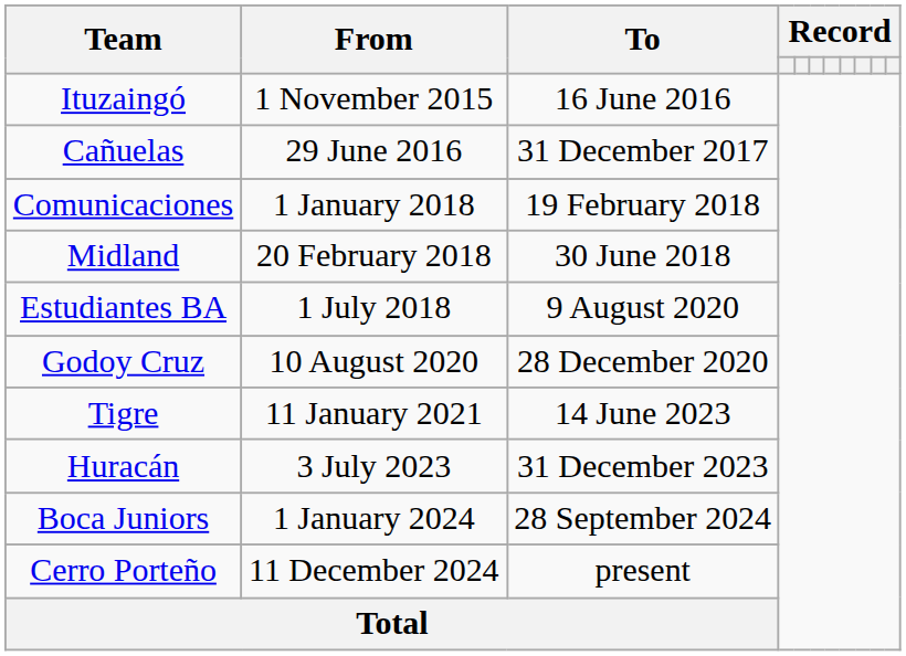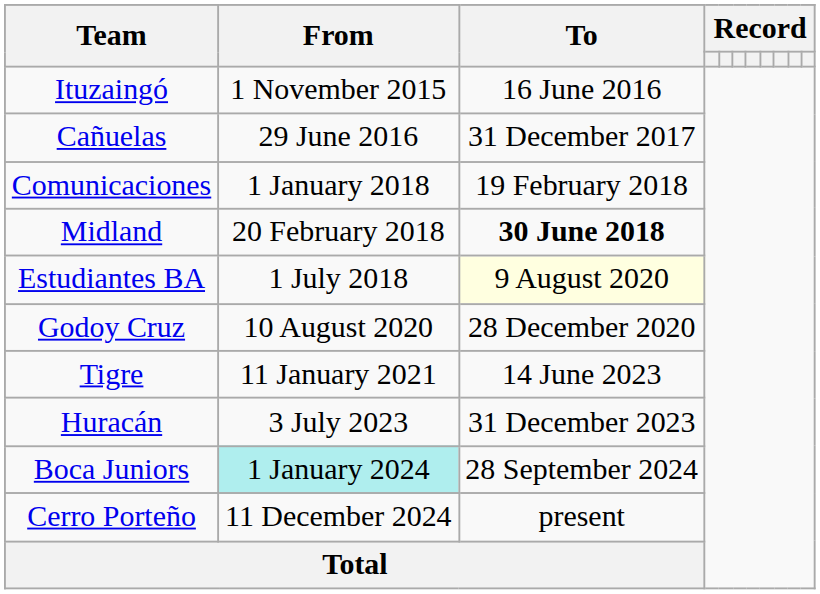 <table class="wikitable" tyle="text-align: center">
 <tr>
 <th rowspan="2">Team</th>
 <th rowspan="2">From</th>
 <th rowspan="2">To</th>
 <th colspan="8">Record</th>
 </tr>
 <tr>
 <th></th>
 <th></th>
 <th></th>
 <th></th>
 <th></th>
 <th></th>
 <th></th>
 <th></th>
 </tr>
 <tr>
 <td align=center><a href='#'>Ituzaingó</a></td>
 <td align=center>1 November 2015</td>
 <td align=center>16 June 2016<br></td>
 </tr>
 <tr>
 <td align=center><a href='#'>Cañuelas</a></td>
 <td align=center>29 June 2016</td>
 <td align=center>31 December 2017<br></td>
 </tr>
 <tr>
 <td align=center><a href='#'>Comunicaciones</a></td>
 <td align=center>1 January 2018</td>
 <td align=center>19 February 2018<br></td>
 </tr>
 <tr>
 <td align=center><a href='#'>Midland</a></td>
 <td align=center>20 February 2018</td>
-<td align=center>30 June 2018<br></td>
+<td align=center><strong>30 June 2018<br></strong></td>
 </tr>
 <tr>
 <td align=center><a href='#'>Estudiantes BA</a></td>
 <td align=center>1 July 2018</td>
-<td align=center>9 August 2020<br></td>
+<td align=center style="background: lightyellow;">9 August 2020<br></td>
 </tr>
 <tr>
 <td align=center><a href='#'>Godoy Cruz</a></td>
 <td align=center>10 August 2020</td>
 <td align=center>28 December 2020<br></td>
 </tr>
 <tr>
 <td align=center><a href='#'>Tigre</a></td>
 <td align=center>11 January 2021</td>
 <td align=center>14 June 2023<br></td>
 </tr>
 <tr>
 <td align=center><a href='#'>Huracán</a></td>
 <td align=center>3 July 2023</td>
 <td align=center>31 December 2023<br></td>
 </tr>
 <tr>
 <td align=center><a href='#'>Boca Juniors</a></td>
-<td align=center>1 January 2024</td>
+<td align=center style="background: paleturquoise;">1 January 2024</td>
 <td align=center>28 September 2024<br></td>
 </tr>
 <tr>
 <td align=center><a href='#'>Cerro Porteño</a></td>
 <td align=center>11 December 2024</td>
 <td align=center>present<br></td>
 </tr>
 <tr>
 <th colspan="3">Total<br></th>
 </tr>
 </table>
